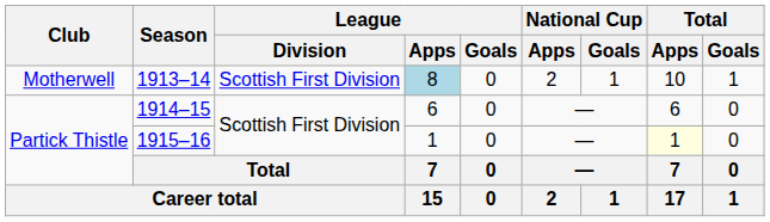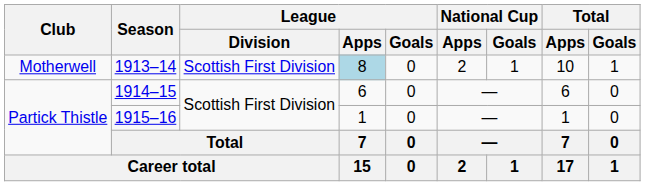 <table class="wikitable" style="text-align: center">
 <tr>
 <th rowspan="2">Club</th>
 <th rowspan="2">Season</th>
 <th colspan="3">League</th>
 <th colspan="2">National Cup</th>
 <th colspan="2">Total</th>
 </tr>
 <tr>
 <th>Division</th>
 <th>Apps</th>
 <th>Goals</th>
 <th>Apps</th>
 <th>Goals</th>
 <th>Apps</th>
 <th>Goals</th>
 </tr>
 <tr>
 <td><a href='#'>Motherwell</a></td>
 <td><a href='#'>1913–14</a></td>
 <td><a href='#'>Scottish First Division</a></td>
 <td style="background: lightblue;">8</td>
 <td>0</td>
 <td>2</td>
 <td>1</td>
 <td>10</td>
 <td>1</td>
 </tr>
 <tr>
 <td rowspan="3"><a href='#'>Partick Thistle</a></td>
 <td><a href='#'>1914–15</a></td>
 <td rowspan="2">Scottish First Division</td>
 <td>6</td>
 <td>0</td>
 <td colspan="2">―</td>
 <td>6</td>
 <td>0</td>
 </tr>
 <tr>
 <td><a href='#'>1915–16</a></td>
 <td>1</td>
 <td>0</td>
 <td colspan="2">―</td>
-<td style="background: lightyellow;">1</td>
+<td>1</td>
 <td>0</td>
 </tr>
 <tr>
 <th colspan="2">Total</th>
 <th>7</th>
 <th>0</th>
 <th colspan="2">―</th>
 <th>7</th>
 <th>0</th>
 </tr>
 <tr>
 <th colspan="3">Career total</th>
 <th>15</th>
 <th>0</th>
 <th>2</th>
 <th>1</th>
 <th>17</th>
 <th>1</th>
 </tr>
 </table>
